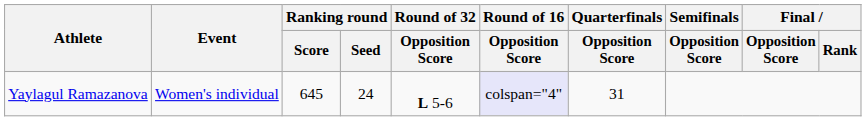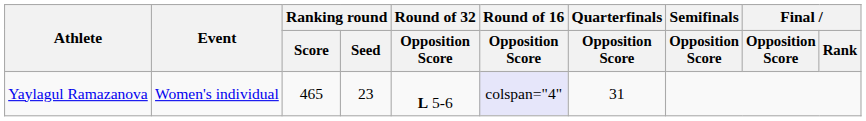 <table class="wikitable" style="text-align:center; font-size:90%">
 <tr>
 <th rowspan="2">Athlete</th>
 <th rowspan="2">Event</th>
 <th colspan="2">Ranking round</th>
 <th>Round of 32</th>
 <th>Round of 16</th>
 <th>Quarterfinals</th>
 <th>Semifinals</th>
 <th colspan="2">Final / </th>
 </tr>
 <tr style="font-size:95%">
 <th>Score</th>
 <th>Seed</th>
 <th>Opposition<br>Score</th>
 <th>Opposition<br>Score</th>
 <th>Opposition<br>Score</th>
 <th>Opposition<br>Score</th>
 <th>Opposition<br>Score</th>
 <th>Rank</th>
 </tr>
 <tr>
 <td align="left"><a href='#'>Yaylagul Ramazanova</a></td>
 <td align="left"><a href='#'>Women's individual</a></td>
-<td>645</td>
-<td>24</td>
+<td>465</td>
+<td>23</td>
 <td><br><strong>L</strong> 5-6</td>
 <td style="background: lavender;">colspan="4" </td>
 <td>31</td>
 </tr>
 </table>
